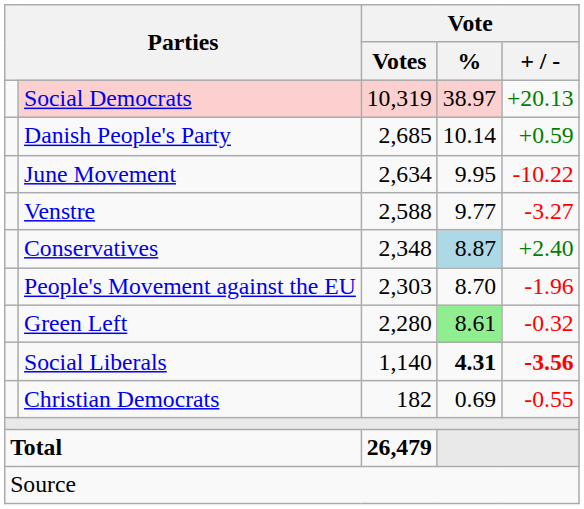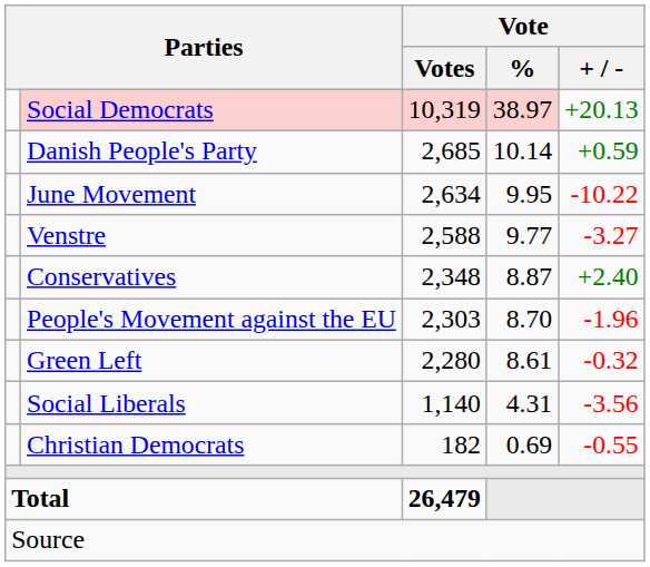 <table class="wikitable" style="text-align:right;">
 <tr>
 <th style="text-align:centre;" rowspan="2" colspan="2" width="225">Parties</th>
 <th colspan="3">Vote</th>
 </tr>
 <tr>
 <th width="15">Votes</th>
 <th width="15">%</th>
 <th width="15">+ / -</th>
 </tr>
 <tr>
 <td width="2" style="color:inherit;background:"></td>
 <td bgcolor=#fbd0ce   align="left"><a href='#'>Social Democrats</a></td>
 <td bgcolor=#fbd0ce>10,319</td>
 <td bgcolor=#fbd0ce>38.97</td>
 <td style=color:green;>+20.13</td>
 </tr>
 <tr>
 <td width="2" style="color:inherit;background:"></td>
 <td align="left"><a href='#'>Danish People's Party</a></td>
 <td>2,685</td>
 <td>10.14</td>
 <td style=color:green;>+0.59</td>
 </tr>
 <tr>
 <td width="2" style="color:inherit;background:"></td>
 <td align="left"><a href='#'>June Movement</a></td>
 <td>2,634</td>
 <td>9.95</td>
 <td style=color:red;>-10.22</td>
 </tr>
 <tr>
 <td width="2" style="color:inherit;background:"></td>
 <td align="left"><a href='#'>Venstre</a></td>
 <td>2,588</td>
 <td>9.77</td>
 <td style=color:red;>-3.27</td>
 </tr>
 <tr>
 <td width="2" style="color:inherit;background:"></td>
 <td align="left"><a href='#'>Conservatives</a></td>
 <td>2,348</td>
-<td style="background: lightblue;">8.87</td>
+<td>8.87</td>
 <td style=color:green;>+2.40</td>
 </tr>
 <tr>
 <td width="2" style="color:inherit;background:"></td>
 <td align="left"><a href='#'>People's Movement against the EU</a></td>
 <td>2,303</td>
 <td>8.70</td>
 <td style=color:red;>-1.96</td>
 </tr>
 <tr>
 <td width="2" style="color:inherit;background:"></td>
 <td align="left"><a href='#'>Green Left</a></td>
 <td>2,280</td>
-<td style="background: lightgreen;">8.61</td>
+<td>8.61</td>
 <td style=color:red;>-0.32</td>
 </tr>
 <tr>
 <td width="2" style="color:inherit;background:"></td>
 <td align="left"><a href='#'>Social Liberals</a></td>
 <td>1,140</td>
-<td><strong>4.31</strong></td>
-<td style=color:red;><strong>-3.56</strong></td>
+<td>4.31</td>
+<td style=color:red;>-3.56</td>
 </tr>
 <tr>
 <td width="2" style="color:inherit;background:"></td>
 <td align="left"><a href='#'>Christian Democrats</a></td>
 <td>182</td>
 <td>0.69</td>
 <td style=color:red;>-0.55</td>
 </tr>
 <tr>
 <td colspan="7" bgcolor="#E9E9E9"></td>
 </tr>
 <tr>
 <td align="left" colspan="2"><strong>Total</strong></td>
 <td><strong>26,479</strong></td>
 <td bgcolor="#E9E9E9" colspan="2"></td>
 </tr>
 <tr>
 <td align="left" colspan="6">Source</td>
 </tr>
 </table>
